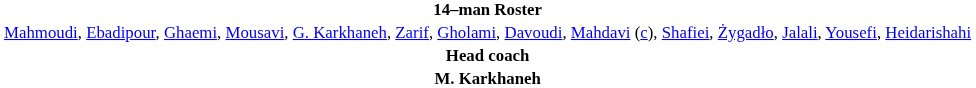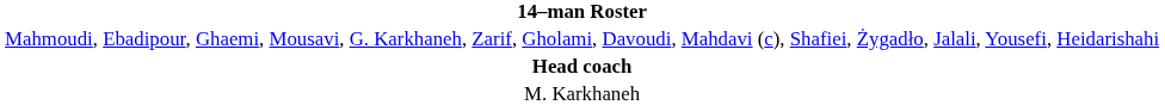 <table style="text-align:center; margin-top:2em; margin-left:auto; margin-right:auto">
 <tr>
 <td><strong>14–man Roster</strong></td>
 </tr>
 <tr>
 <td><a href='#'>Mahmoudi</a>, <a href='#'>Ebadipour</a>, <a href='#'>Ghaemi</a>, <a href='#'>Mousavi</a>, <a href='#'>G. Karkhaneh</a>, <a href='#'>Zarif</a>, <a href='#'>Gholami</a>, <a href='#'>Davoudi</a>, <a href='#'>Mahdavi</a> (<a href='#'>c</a>), <a href='#'>Shafiei</a>, <a href='#'>Żygadło</a>, <a href='#'>Jalali</a>, <a href='#'>Yousefi</a>, <a href='#'>Heidarishahi</a></td>
 </tr>
 <tr>
 <td><strong>Head coach</strong></td>
 </tr>
 <tr>
-<td><strong>M. Karkhaneh</strong></td>
+<td>M. Karkhaneh</td>
 </tr>
 </table>
